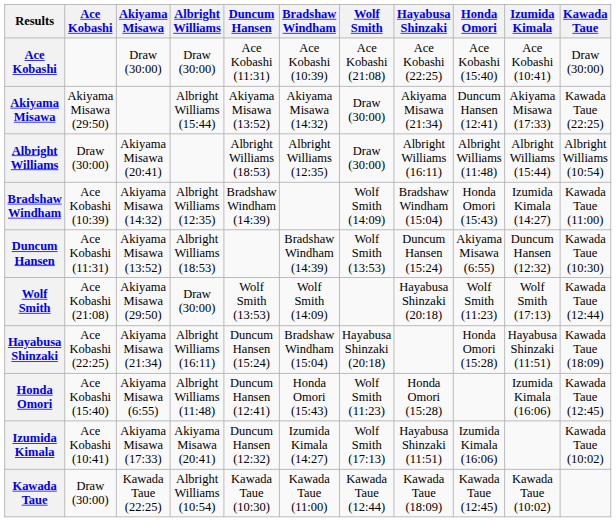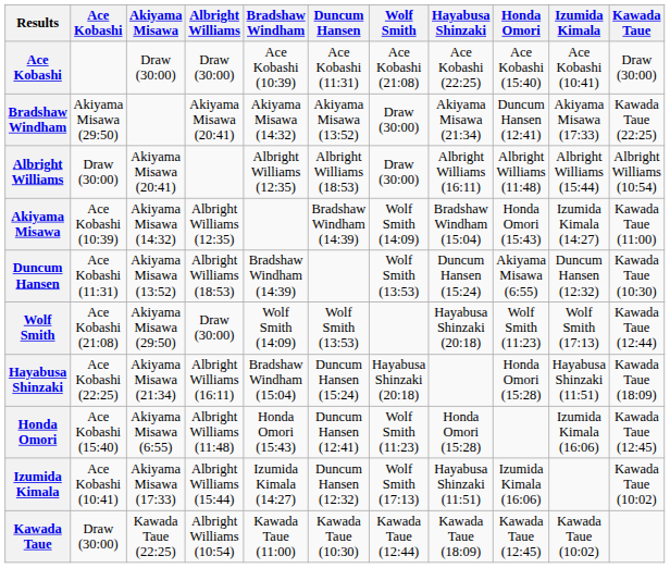 <table class="wikitable" style="text-align:center; margin: 1em auto 1em auto">
 <tr>
 <th>Results</th>
 <th><a href='#'>Ace</a><br><a href='#'>Kobashi</a></th>
 <th><a href='#'>Akiyama</a><br><a href='#'>Misawa</a></th>
 <th><a href='#'>Albright</a><br><a href='#'>Williams</a></th>
+<th><a href='#'>Bradshaw</a><br><a href='#'>Windham</a></th>
 <th><a href='#'>Duncum</a><br><a href='#'>Hansen</a></th>
-<th><a href='#'>Bradshaw</a><br><a href='#'>Windham</a></th>
 <th><a href='#'>Wolf</a><br><a href='#'>Smith</a></th>
 <th><a href='#'>Hayabusa</a><br><a href='#'>Shinzaki</a></th>
 <th><a href='#'>Honda</a><br><a href='#'>Omori</a></th>
 <th><a href='#'>Izumida</a><br><a href='#'>Kimala</a></th>
 <th><a href='#'>Kawada</a><br><a href='#'>Taue</a></th>
 </tr>
 <tr>
 <th><a href='#'>Ace</a><br><a href='#'>Kobashi</a></th>
 <td></td>
 <td>Draw<br>(30:00)</td>
 <td>Draw<br>(30:00)</td>
+<td>Ace<br>Kobashi<br>(10:39)</td>
 <td>Ace<br>Kobashi<br>(11:31)</td>
-<td>Ace<br>Kobashi<br>(10:39)</td>
 <td>Ace<br>Kobashi<br>(21:08)</td>
 <td>Ace<br>Kobashi<br>(22:25)</td>
 <td>Ace<br>Kobashi<br>(15:40)</td>
 <td>Ace<br>Kobashi<br>(10:41)</td>
 <td>Draw<br>(30:00)</td>
 </tr>
 <tr>
-<th><a href='#'>Akiyama</a><br><a href='#'>Misawa</a></th>
+<th><a href='#'>Bradshaw</a><br><a href='#'>Windham</a></th>
 <td>Akiyama<br>Misawa<br>(29:50)</td>
 <td></td>
-<td>Albright<br>Williams<br>(15:44)</td>
+<td>Akiyama<br>Misawa<br>(20:41)</td>
+<td>Akiyama<br>Misawa<br>(14:32)</td>
 <td>Akiyama<br>Misawa<br>(13:52)</td>
-<td>Akiyama<br>Misawa<br>(14:32)</td>
 <td>Draw<br>(30:00)</td>
 <td>Akiyama<br>Misawa<br>(21:34)</td>
 <td>Duncum<br>Hansen<br>(12:41)</td>
 <td>Akiyama<br>Misawa<br>(17:33)</td>
 <td>Kawada<br>Taue<br>(22:25)</td>
 </tr>
 <tr>
 <th><a href='#'>Albright</a><br><a href='#'>Williams</a></th>
 <td>Draw<br>(30:00)</td>
 <td>Akiyama<br>Misawa<br>(20:41)</td>
 <td></td>
+<td>Albright<br>Williams<br>(12:35)</td>
 <td>Albright<br>Williams<br>(18:53)</td>
-<td>Albright<br>Williams<br>(12:35)</td>
 <td>Draw<br>(30:00)</td>
 <td>Albright<br>Williams<br>(16:11)</td>
 <td>Albright<br>Williams<br>(11:48)</td>
 <td>Albright<br>Williams<br>(15:44)</td>
 <td>Albright<br>Williams<br>(10:54)</td>
 </tr>
 <tr>
-<th><a href='#'>Bradshaw</a><br><a href='#'>Windham</a></th>
+<th><a href='#'>Akiyama</a><br><a href='#'>Misawa</a></th>
 <td>Ace<br>Kobashi<br>(10:39)</td>
 <td>Akiyama<br>Misawa<br>(14:32)</td>
 <td>Albright<br>Williams<br>(12:35)</td>
+<td></td>
 <td>Bradshaw<br>Windham<br>(14:39)</td>
-<td></td>
 <td>Wolf<br>Smith<br>(14:09)</td>
 <td>Bradshaw<br>Windham<br>(15:04)</td>
 <td>Honda<br>Omori<br>(15:43)</td>
 <td>Izumida<br>Kimala<br>(14:27)</td>
 <td>Kawada<br>Taue<br>(11:00)</td>
 </tr>
 <tr>
 <th><a href='#'>Duncum</a><br><a href='#'>Hansen</a></th>
 <td>Ace<br>Kobashi<br>(11:31)</td>
 <td>Akiyama<br>Misawa<br>(13:52)</td>
 <td>Albright<br>Williams<br>(18:53)</td>
+<td>Bradshaw<br>Windham<br>(14:39)</td>
 <td></td>
-<td>Bradshaw<br>Windham<br>(14:39)</td>
 <td>Wolf<br>Smith<br>(13:53)</td>
 <td>Duncum<br>Hansen<br>(15:24)</td>
 <td>Akiyama<br>Misawa<br>(6:55)</td>
 <td>Duncum<br>Hansen<br>(12:32)</td>
 <td>Kawada<br>Taue<br>(10:30)</td>
 </tr>
 <tr>
 <th><a href='#'>Wolf</a><br><a href='#'>Smith</a></th>
 <td>Ace<br>Kobashi<br>(21:08)</td>
 <td>Akiyama<br>Misawa<br>(29:50)</td>
 <td>Draw<br>(30:00)</td>
+<td>Wolf<br>Smith<br>(14:09)</td>
 <td>Wolf<br>Smith<br>(13:53)</td>
-<td>Wolf<br>Smith<br>(14:09)</td>
 <td></td>
 <td>Hayabusa<br>Shinzaki<br>(20:18)</td>
 <td>Wolf<br>Smith<br>(11:23)</td>
 <td>Wolf<br>Smith<br>(17:13)</td>
 <td>Kawada<br>Taue<br>(12:44)</td>
 </tr>
 <tr>
 <th><a href='#'>Hayabusa</a><br><a href='#'>Shinzaki</a></th>
 <td>Ace<br>Kobashi<br>(22:25)</td>
 <td>Akiyama<br>Misawa<br>(21:34)</td>
 <td>Albright<br>Williams<br>(16:11)</td>
+<td>Bradshaw<br>Windham<br>(15:04)</td>
 <td>Duncum<br>Hansen<br>(15:24)</td>
-<td>Bradshaw<br>Windham<br>(15:04)</td>
 <td>Hayabusa<br>Shinzaki<br>(20:18)</td>
 <td></td>
 <td>Honda<br>Omori<br>(15:28)</td>
 <td>Hayabusa<br>Shinzaki<br>(11:51)</td>
 <td>Kawada<br>Taue<br>(18:09)</td>
 </tr>
 <tr>
 <th><a href='#'>Honda</a><br><a href='#'>Omori</a></th>
 <td>Ace<br>Kobashi<br>(15:40)</td>
 <td>Akiyama<br>Misawa<br>(6:55)</td>
 <td>Albright<br>Williams<br>(11:48)</td>
+<td>Honda<br>Omori<br>(15:43)</td>
 <td>Duncum<br>Hansen<br>(12:41)</td>
-<td>Honda<br>Omori<br>(15:43)</td>
 <td>Wolf<br>Smith<br>(11:23)</td>
 <td>Honda<br>Omori<br>(15:28)</td>
 <td></td>
 <td>Izumida<br>Kimala<br>(16:06)</td>
 <td>Kawada<br>Taue<br>(12:45)</td>
 </tr>
 <tr>
 <th><a href='#'>Izumida</a><br><a href='#'>Kimala</a></th>
 <td>Ace<br>Kobashi<br>(10:41)</td>
 <td>Akiyama<br>Misawa<br>(17:33)</td>
-<td>Akiyama<br>Misawa<br>(20:41)</td>
+<td>Albright<br>Williams<br>(15:44)</td>
+<td>Izumida<br>Kimala<br>(14:27)</td>
 <td>Duncum<br>Hansen<br>(12:32)</td>
-<td>Izumida<br>Kimala<br>(14:27)</td>
 <td>Wolf<br>Smith<br>(17:13)</td>
 <td>Hayabusa<br>Shinzaki<br>(11:51)</td>
 <td>Izumida<br>Kimala<br>(16:06)</td>
 <td></td>
 <td>Kawada<br>Taue<br>(10:02)</td>
 </tr>
 <tr>
 <th><a href='#'>Kawada</a><br><a href='#'>Taue</a></th>
 <td>Draw<br>(30:00)</td>
 <td>Kawada<br>Taue<br>(22:25)</td>
 <td>Albright<br>Williams<br>(10:54)</td>
+<td>Kawada<br>Taue<br>(11:00)</td>
 <td>Kawada<br>Taue<br>(10:30)</td>
-<td>Kawada<br>Taue<br>(11:00)</td>
 <td>Kawada<br>Taue<br>(12:44)</td>
 <td>Kawada<br>Taue<br>(18:09)</td>
 <td>Kawada<br>Taue<br>(12:45)</td>
 <td>Kawada<br>Taue<br>(10:02)</td>
 <td></td>
 </tr>
 </table>
